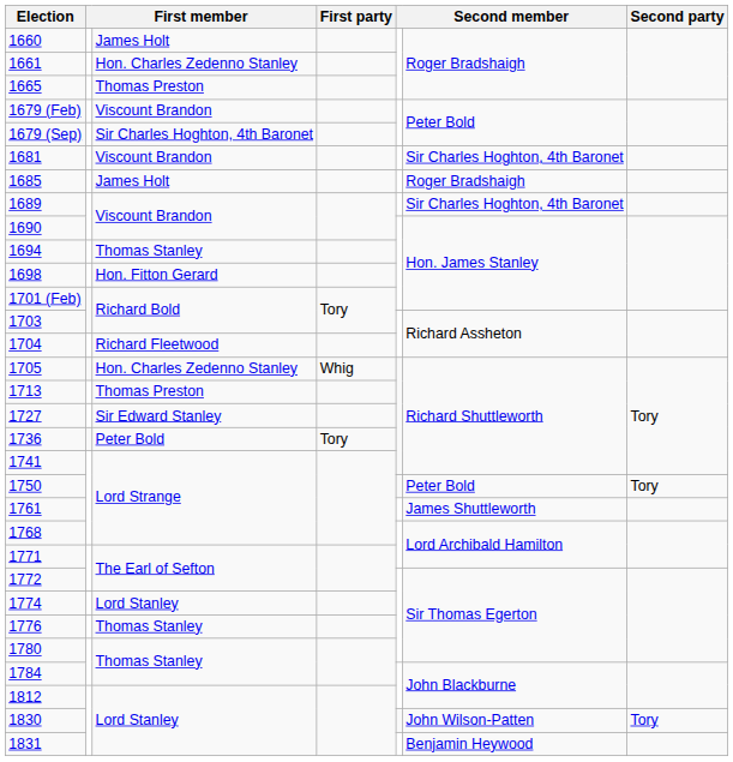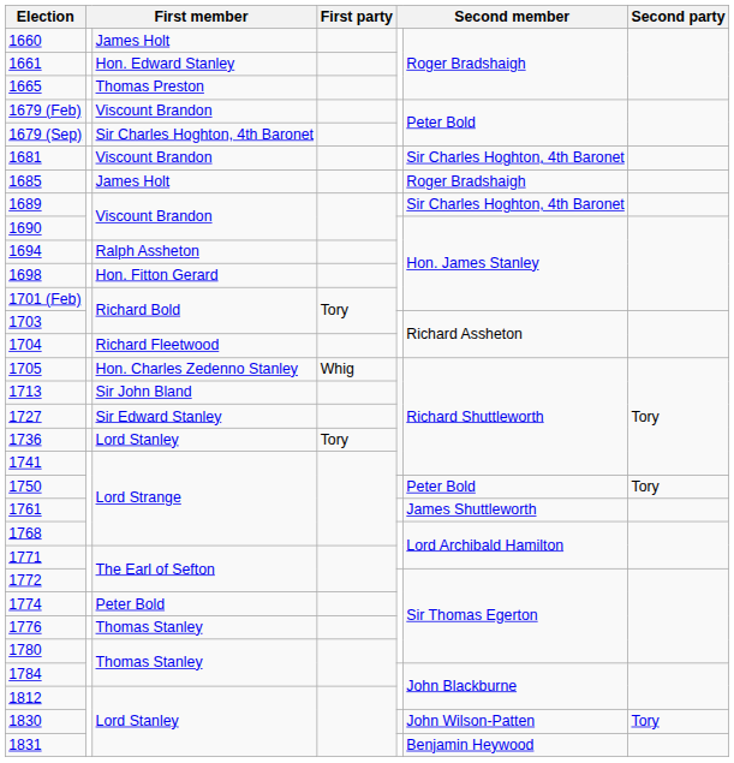 <table class="wikitable">
 <tr>
 <th>Election</th>
 <th colspan="2">First member </th>
 <th>First party</th>
 <th colspan="2">Second member </th>
 <th>Second party</th>
 </tr>
 <tr>
 <td><a href='#'>1660</a></td>
 <td style="color:inherit;background-color: white"></td>
 <td><a href='#'>James Holt</a></td>
 <td></td>
 <td rowspan="3" style="color:inherit;background-color: white"></td>
 <td rowspan="3"><a href='#'>Roger Bradshaigh</a></td>
 <td rowspan="3"></td>
 </tr>
 <tr>
 <td><a href='#'>1661</a></td>
 <td style="color:inherit;background-color: white"></td>
-<td><a href='#'>Hon. Charles Zedenno Stanley</a></td>
+<td><a href='#'>Hon. Edward Stanley</a></td>
 <td></td>
 </tr>
 <tr>
 <td><a href='#'>1665</a></td>
 <td style="color:inherit;background-color: white"></td>
 <td><a href='#'>Thomas Preston</a></td>
 <td></td>
 </tr>
 <tr>
 <td><a href='#'>1679 (Feb)</a></td>
 <td style="color:inherit;background-color: white"></td>
 <td><a href='#'>Viscount Brandon</a></td>
 <td></td>
 <td rowspan="2" style="color:inherit;background-color: white"></td>
 <td rowspan="2"><a href='#'>Peter Bold</a></td>
 <td rowspan="2"></td>
 </tr>
 <tr>
 <td><a href='#'>1679 (Sep)</a></td>
 <td style="color:inherit;background-color: white"></td>
 <td><a href='#'>Sir Charles Hoghton, 4th Baronet</a></td>
 <td></td>
 </tr>
 <tr>
 <td><a href='#'>1681</a></td>
 <td style="color:inherit;background-color: white"></td>
 <td><a href='#'>Viscount Brandon</a></td>
 <td></td>
 <td style="color:inherit;background-color: white"></td>
 <td><a href='#'>Sir Charles Hoghton, 4th Baronet</a></td>
 <td></td>
 </tr>
 <tr>
 <td><a href='#'>1685</a></td>
 <td style="color:inherit;background-color: white"></td>
 <td><a href='#'>James Holt</a></td>
 <td></td>
 <td style="color:inherit;background-color: white"></td>
 <td><a href='#'>Roger Bradshaigh</a></td>
 <td></td>
 </tr>
 <tr>
 <td><a href='#'>1689</a></td>
 <td rowspan="2" style="color:inherit;background-color: white"></td>
 <td rowspan="2"><a href='#'>Viscount Brandon</a></td>
 <td rowspan="2"></td>
 <td style="color:inherit;background-color: white"></td>
 <td><a href='#'>Sir Charles Hoghton, 4th Baronet</a></td>
 <td></td>
 </tr>
 <tr>
 <td><a href='#'>1690</a></td>
 <td rowspan="4" style="color:inherit;background-color: white"></td>
 <td rowspan="4"><a href='#'>Hon. James Stanley</a></td>
 <td rowspan="4"></td>
 </tr>
 <tr>
 <td><a href='#'>1694</a></td>
 <td style="color:inherit;background-color: white"></td>
-<td><a href='#'>Thomas Stanley</a></td>
+<td><a href='#'>Ralph Assheton</a></td>
 <td></td>
 </tr>
 <tr>
 <td><a href='#'>1698</a></td>
 <td style="color:inherit;background-color: white"></td>
 <td><a href='#'>Hon. Fitton Gerard</a></td>
 <td></td>
 </tr>
 <tr>
 <td><a href='#'>1701 (Feb)</a></td>
 <td rowspan="2" style="color:inherit;background-color: "></td>
 <td rowspan="2"><a href='#'>Richard Bold</a></td>
 <td rowspan="2">Tory</td>
 </tr>
 <tr>
 <td><a href='#'>1703</a></td>
 <td rowspan="2" style="color:inherit;background-color: white"></td>
 <td rowspan="2">Richard Assheton</td>
 <td rowspan="2"></td>
 </tr>
 <tr>
 <td><a href='#'>1704</a></td>
 <td style="color:inherit;background-color: white"></td>
 <td><a href='#'>Richard Fleetwood</a></td>
 <td></td>
 </tr>
 <tr>
 <td><a href='#'>1705</a></td>
 <td style="color:inherit;background-color: "></td>
 <td><a href='#'>Hon. Charles Zedenno Stanley</a></td>
 <td>Whig</td>
 <td rowspan="5" style="color:inherit;background-color: "></td>
 <td rowspan="5"><a href='#'>Richard Shuttleworth</a></td>
 <td rowspan="5">Tory</td>
 </tr>
 <tr>
 <td><a href='#'>1713</a></td>
 <td style="color:inherit;background-color: white"></td>
-<td><a href='#'>Thomas Preston</a></td>
+<td><a href='#'>Sir John Bland</a></td>
 <td></td>
 </tr>
 <tr>
 <td><a href='#'>1727</a></td>
 <td style="color:inherit;background-color: white"></td>
 <td><a href='#'>Sir Edward Stanley</a></td>
 <td></td>
 </tr>
 <tr>
 <td><a href='#'>1736</a></td>
 <td style="color:inherit;background-color: "></td>
-<td><a href='#'>Peter Bold</a></td>
+<td><a href='#'>Lord Stanley</a></td>
 <td>Tory</td>
 </tr>
 <tr>
 <td><a href='#'>1741</a></td>
 <td rowspan="4" style="color:inherit;background-color: white"></td>
 <td rowspan="4"><a href='#'>Lord Strange</a></td>
 <td rowspan="4"></td>
 </tr>
 <tr>
 <td><a href='#'>1750</a></td>
 <td style="color:inherit;background-color: "></td>
 <td><a href='#'>Peter Bold</a></td>
 <td>Tory</td>
 </tr>
 <tr>
 <td><a href='#'>1761</a></td>
 <td style="color:inherit;background-color: white"></td>
 <td><a href='#'>James Shuttleworth</a></td>
 <td></td>
 </tr>
 <tr>
 <td><a href='#'>1768</a></td>
 <td rowspan="2" style="color:inherit;background-color: white"></td>
 <td rowspan="2"><a href='#'>Lord Archibald Hamilton</a></td>
 <td rowspan="2"></td>
 </tr>
 <tr>
 <td><a href='#'>1771</a></td>
 <td rowspan="2" style="color:inherit;background-color: white"></td>
 <td rowspan="2"><a href='#'>The Earl of Sefton</a></td>
 <td rowspan="2"></td>
 </tr>
 <tr>
 <td><a href='#'>1772</a></td>
 <td rowspan="4" style="color:inherit;background-color: white"></td>
 <td rowspan="4"><a href='#'>Sir Thomas Egerton</a></td>
 <td rowspan="4"></td>
 </tr>
 <tr>
 <td><a href='#'>1774</a></td>
 <td style="color:inherit;background-color: white"></td>
-<td><a href='#'>Lord Stanley</a></td>
+<td><a href='#'>Peter Bold</a></td>
 <td></td>
 </tr>
 <tr>
 <td><a href='#'>1776</a></td>
 <td style="color:inherit;background-color: white"></td>
 <td><a href='#'>Thomas Stanley</a></td>
 <td></td>
 </tr>
 <tr>
 <td><a href='#'>1780</a></td>
 <td rowspan="2" style="color:inherit;background-color: white"></td>
 <td rowspan="2"><a href='#'>Thomas Stanley</a></td>
 <td rowspan="2"></td>
 </tr>
 <tr>
 <td><a href='#'>1784</a></td>
 <td rowspan="2" style="color:inherit;background-color: white"></td>
 <td rowspan="2"><a href='#'>John Blackburne</a></td>
 <td rowspan="2"></td>
 </tr>
 <tr>
 <td><a href='#'>1812</a></td>
 <td rowspan="3" style="color:inherit;background-color: white"></td>
 <td rowspan="3"><a href='#'>Lord Stanley</a></td>
 <td rowspan="3"></td>
 </tr>
 <tr>
 <td><a href='#'>1830</a></td>
 <td style="color:inherit;background-color: "></td>
 <td><a href='#'>John Wilson-Patten</a></td>
 <td><a href='#'>Tory</a></td>
 </tr>
 <tr>
 <td><a href='#'>1831</a></td>
 <td style="color:inherit;background-color: white"></td>
 <td><a href='#'>Benjamin Heywood</a></td>
 <td></td>
 </tr>
 </table>
